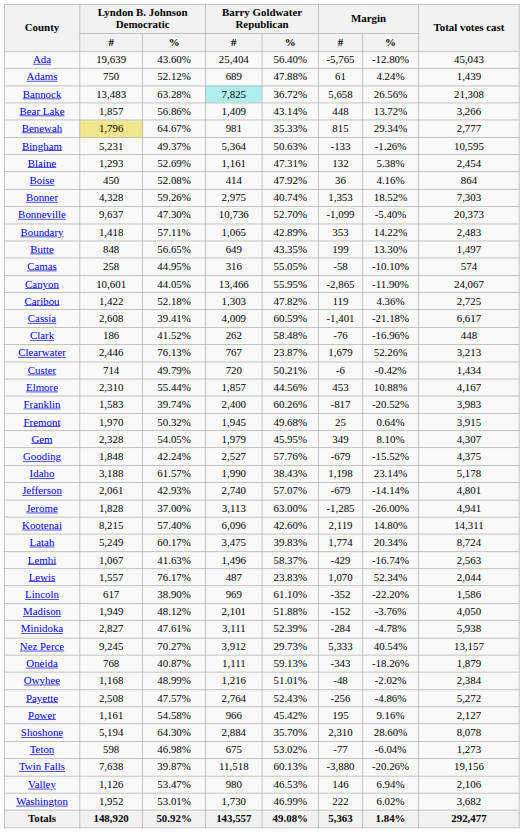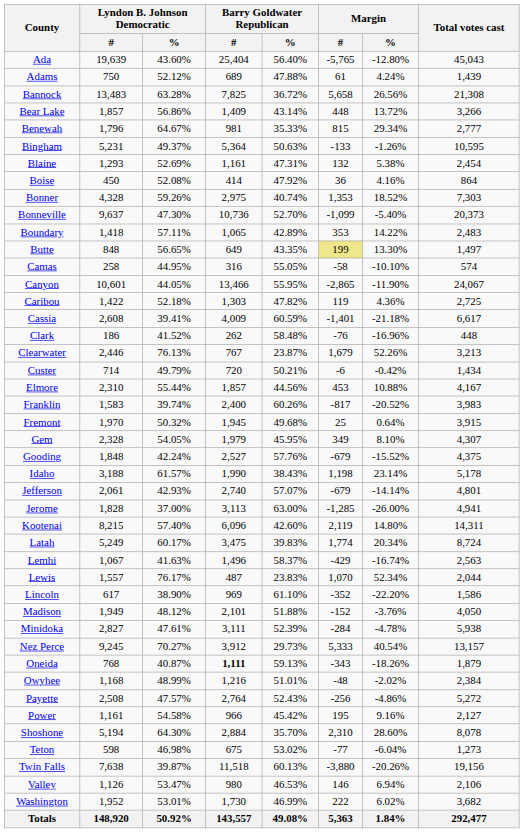 <table width="60%"  class="wikitable sortable" style="text-align:center">
 <tr>
 <th style="text-align:center;" rowspan="2">County</th>
 <th style="text-align:center;" colspan="2">Lyndon B. Johnson<br>Democratic</th>
 <th style="text-align:center;" colspan="2">Barry Goldwater<br>Republican</th>
 <th style="text-align:center;" colspan="2">Margin</th>
 <th style="text-align:center;" rowspan="2">Total votes cast</th>
 </tr>
 <tr>
 <th style="text-align:center;" data-sort-type="number">#</th>
 <th style="text-align:center;" data-sort-type="number">%</th>
 <th style="text-align:center;" data-sort-type="number">#</th>
 <th style="text-align:center;" data-sort-type="number">%</th>
 <th style="text-align:center;" data-sort-type="number">#</th>
 <th style="text-align:center;" data-sort-type="number">%</th>
 </tr>
 <tr style="text-align:center;">
 <td><a href='#'>Ada</a></td>
 <td>19,639</td>
 <td>43.60%</td>
 <td>25,404</td>
 <td>56.40%</td>
 <td>-5,765</td>
 <td>-12.80%</td>
 <td>45,043</td>
 </tr>
 <tr style="text-align:center;">
 <td><a href='#'>Adams</a></td>
 <td>750</td>
 <td>52.12%</td>
 <td>689</td>
 <td>47.88%</td>
 <td>61</td>
 <td>4.24%</td>
 <td>1,439</td>
 </tr>
 <tr style="text-align:center;">
 <td><a href='#'>Bannock</a></td>
 <td>13,483</td>
 <td>63.28%</td>
-<td style="background: paleturquoise;">7,825</td>
+<td>7,825</td>
 <td>36.72%</td>
 <td>5,658</td>
 <td>26.56%</td>
 <td>21,308</td>
 </tr>
 <tr style="text-align:center;">
 <td><a href='#'>Bear Lake</a></td>
 <td>1,857</td>
 <td>56.86%</td>
 <td>1,409</td>
 <td>43.14%</td>
 <td>448</td>
 <td>13.72%</td>
 <td>3,266</td>
 </tr>
 <tr style="text-align:center;">
 <td><a href='#'>Benewah</a></td>
-<td style="background: khaki;">1,796</td>
+<td>1,796</td>
 <td>64.67%</td>
 <td>981</td>
 <td>35.33%</td>
 <td>815</td>
 <td>29.34%</td>
 <td>2,777</td>
 </tr>
 <tr style="text-align:center;">
 <td><a href='#'>Bingham</a></td>
 <td>5,231</td>
 <td>49.37%</td>
 <td>5,364</td>
 <td>50.63%</td>
 <td>-133</td>
 <td>-1.26%</td>
 <td>10,595</td>
 </tr>
 <tr style="text-align:center;">
 <td><a href='#'>Blaine</a></td>
 <td>1,293</td>
 <td>52.69%</td>
 <td>1,161</td>
 <td>47.31%</td>
 <td>132</td>
 <td>5.38%</td>
 <td>2,454</td>
 </tr>
 <tr style="text-align:center;">
 <td><a href='#'>Boise</a></td>
 <td>450</td>
 <td>52.08%</td>
 <td>414</td>
 <td>47.92%</td>
 <td>36</td>
 <td>4.16%</td>
 <td>864</td>
 </tr>
 <tr style="text-align:center;">
 <td><a href='#'>Bonner</a></td>
 <td>4,328</td>
 <td>59.26%</td>
 <td>2,975</td>
 <td>40.74%</td>
 <td>1,353</td>
 <td>18.52%</td>
 <td>7,303</td>
 </tr>
 <tr style="text-align:center;">
 <td><a href='#'>Bonneville</a></td>
 <td>9,637</td>
 <td>47.30%</td>
 <td>10,736</td>
 <td>52.70%</td>
 <td>-1,099</td>
 <td>-5.40%</td>
 <td>20,373</td>
 </tr>
 <tr style="text-align:center;">
 <td><a href='#'>Boundary</a></td>
 <td>1,418</td>
 <td>57.11%</td>
 <td>1,065</td>
 <td>42.89%</td>
 <td>353</td>
 <td>14.22%</td>
 <td>2,483</td>
 </tr>
 <tr style="text-align:center;">
 <td><a href='#'>Butte</a></td>
 <td>848</td>
 <td>56.65%</td>
 <td>649</td>
 <td>43.35%</td>
-<td>199</td>
+<td style="background: khaki;">199</td>
 <td>13.30%</td>
 <td>1,497</td>
 </tr>
 <tr style="text-align:center;">
 <td><a href='#'>Camas</a></td>
 <td>258</td>
 <td>44.95%</td>
 <td>316</td>
 <td>55.05%</td>
 <td>-58</td>
 <td>-10.10%</td>
 <td>574</td>
 </tr>
 <tr style="text-align:center;">
 <td><a href='#'>Canyon</a></td>
 <td>10,601</td>
 <td>44.05%</td>
 <td>13,466</td>
 <td>55.95%</td>
 <td>-2,865</td>
 <td>-11.90%</td>
 <td>24,067</td>
 </tr>
 <tr style="text-align:center;">
 <td><a href='#'>Caribou</a></td>
 <td>1,422</td>
 <td>52.18%</td>
 <td>1,303</td>
 <td>47.82%</td>
 <td>119</td>
 <td>4.36%</td>
 <td>2,725</td>
 </tr>
 <tr style="text-align:center;">
 <td><a href='#'>Cassia</a></td>
 <td>2,608</td>
 <td>39.41%</td>
 <td>4,009</td>
 <td>60.59%</td>
 <td>-1,401</td>
 <td>-21.18%</td>
 <td>6,617</td>
 </tr>
 <tr style="text-align:center;">
 <td><a href='#'>Clark</a></td>
 <td>186</td>
 <td>41.52%</td>
 <td>262</td>
 <td>58.48%</td>
 <td>-76</td>
 <td>-16.96%</td>
 <td>448</td>
 </tr>
 <tr style="text-align:center;">
 <td><a href='#'>Clearwater</a></td>
 <td>2,446</td>
 <td>76.13%</td>
 <td>767</td>
 <td>23.87%</td>
 <td>1,679</td>
 <td>52.26%</td>
 <td>3,213</td>
 </tr>
 <tr style="text-align:center;">
 <td><a href='#'>Custer</a></td>
 <td>714</td>
 <td>49.79%</td>
 <td>720</td>
 <td>50.21%</td>
 <td>-6</td>
 <td>-0.42%</td>
 <td>1,434</td>
 </tr>
 <tr style="text-align:center;">
 <td><a href='#'>Elmore</a></td>
 <td>2,310</td>
 <td>55.44%</td>
 <td>1,857</td>
 <td>44.56%</td>
 <td>453</td>
 <td>10.88%</td>
 <td>4,167</td>
 </tr>
 <tr style="text-align:center;">
 <td><a href='#'>Franklin</a></td>
 <td>1,583</td>
 <td>39.74%</td>
 <td>2,400</td>
 <td>60.26%</td>
 <td>-817</td>
 <td>-20.52%</td>
 <td>3,983</td>
 </tr>
 <tr style="text-align:center;">
 <td><a href='#'>Fremont</a></td>
 <td>1,970</td>
 <td>50.32%</td>
 <td>1,945</td>
 <td>49.68%</td>
 <td>25</td>
 <td>0.64%</td>
 <td>3,915</td>
 </tr>
 <tr style="text-align:center;">
 <td><a href='#'>Gem</a></td>
 <td>2,328</td>
 <td>54.05%</td>
 <td>1,979</td>
 <td>45.95%</td>
 <td>349</td>
 <td>8.10%</td>
 <td>4,307</td>
 </tr>
 <tr style="text-align:center;">
 <td><a href='#'>Gooding</a></td>
 <td>1,848</td>
 <td>42.24%</td>
 <td>2,527</td>
 <td>57.76%</td>
 <td>-679</td>
 <td>-15.52%</td>
 <td>4,375</td>
 </tr>
 <tr style="text-align:center;">
 <td><a href='#'>Idaho</a></td>
 <td>3,188</td>
 <td>61.57%</td>
 <td>1,990</td>
 <td>38.43%</td>
 <td>1,198</td>
 <td>23.14%</td>
 <td>5,178</td>
 </tr>
 <tr style="text-align:center;">
 <td><a href='#'>Jefferson</a></td>
 <td>2,061</td>
 <td>42.93%</td>
 <td>2,740</td>
 <td>57.07%</td>
 <td>-679</td>
 <td>-14.14%</td>
 <td>4,801</td>
 </tr>
 <tr style="text-align:center;">
 <td><a href='#'>Jerome</a></td>
 <td>1,828</td>
 <td>37.00%</td>
 <td>3,113</td>
 <td>63.00%</td>
 <td>-1,285</td>
 <td>-26.00%</td>
 <td>4,941</td>
 </tr>
 <tr style="text-align:center;">
 <td><a href='#'>Kootenai</a></td>
 <td>8,215</td>
 <td>57.40%</td>
 <td>6,096</td>
 <td>42.60%</td>
 <td>2,119</td>
 <td>14.80%</td>
 <td>14,311</td>
 </tr>
 <tr style="text-align:center;">
 <td><a href='#'>Latah</a></td>
 <td>5,249</td>
 <td>60.17%</td>
 <td>3,475</td>
 <td>39.83%</td>
 <td>1,774</td>
 <td>20.34%</td>
 <td>8,724</td>
 </tr>
 <tr style="text-align:center;">
 <td><a href='#'>Lemhi</a></td>
 <td>1,067</td>
 <td>41.63%</td>
 <td>1,496</td>
 <td>58.37%</td>
 <td>-429</td>
 <td>-16.74%</td>
 <td>2,563</td>
 </tr>
 <tr style="text-align:center;">
 <td><a href='#'>Lewis</a></td>
 <td>1,557</td>
 <td>76.17%</td>
 <td>487</td>
 <td>23.83%</td>
 <td>1,070</td>
 <td>52.34%</td>
 <td>2,044</td>
 </tr>
 <tr style="text-align:center;">
 <td><a href='#'>Lincoln</a></td>
 <td>617</td>
 <td>38.90%</td>
 <td>969</td>
 <td>61.10%</td>
 <td>-352</td>
 <td>-22.20%</td>
 <td>1,586</td>
 </tr>
 <tr style="text-align:center;">
 <td><a href='#'>Madison</a></td>
 <td>1,949</td>
 <td>48.12%</td>
 <td>2,101</td>
 <td>51.88%</td>
 <td>-152</td>
 <td>-3.76%</td>
 <td>4,050</td>
 </tr>
 <tr style="text-align:center;">
 <td><a href='#'>Minidoka</a></td>
 <td>2,827</td>
 <td>47.61%</td>
 <td>3,111</td>
 <td>52.39%</td>
 <td>-284</td>
 <td>-4.78%</td>
 <td>5,938</td>
 </tr>
 <tr style="text-align:center;">
 <td><a href='#'>Nez Perce</a></td>
 <td>9,245</td>
 <td>70.27%</td>
 <td>3,912</td>
 <td>29.73%</td>
 <td>5,333</td>
 <td>40.54%</td>
 <td>13,157</td>
 </tr>
 <tr style="text-align:center;">
 <td><a href='#'>Oneida</a></td>
 <td>768</td>
 <td>40.87%</td>
-<td>1,111</td>
+<td><strong>1,111</strong></td>
 <td>59.13%</td>
 <td>-343</td>
 <td>-18.26%</td>
 <td>1,879</td>
 </tr>
 <tr style="text-align:center;">
 <td><a href='#'>Owyhee</a></td>
 <td>1,168</td>
 <td>48.99%</td>
 <td>1,216</td>
 <td>51.01%</td>
 <td>-48</td>
 <td>-2.02%</td>
 <td>2,384</td>
 </tr>
 <tr style="text-align:center;">
 <td><a href='#'>Payette</a></td>
 <td>2,508</td>
 <td>47.57%</td>
 <td>2,764</td>
 <td>52.43%</td>
 <td>-256</td>
 <td>-4.86%</td>
 <td>5,272</td>
 </tr>
 <tr style="text-align:center;">
 <td><a href='#'>Power</a></td>
 <td>1,161</td>
 <td>54.58%</td>
 <td>966</td>
 <td>45.42%</td>
 <td>195</td>
 <td>9.16%</td>
 <td>2,127</td>
 </tr>
 <tr style="text-align:center;">
 <td><a href='#'>Shoshone</a></td>
 <td>5,194</td>
 <td>64.30%</td>
 <td>2,884</td>
 <td>35.70%</td>
 <td>2,310</td>
 <td>28.60%</td>
 <td>8,078</td>
 </tr>
 <tr style="text-align:center;">
 <td><a href='#'>Teton</a></td>
 <td>598</td>
 <td>46.98%</td>
 <td>675</td>
 <td>53.02%</td>
 <td>-77</td>
 <td>-6.04%</td>
 <td>1,273</td>
 </tr>
 <tr style="text-align:center;">
 <td><a href='#'>Twin Falls</a></td>
 <td>7,638</td>
 <td>39.87%</td>
 <td>11,518</td>
 <td>60.13%</td>
 <td>-3,880</td>
 <td>-20.26%</td>
 <td>19,156</td>
 </tr>
 <tr style="text-align:center;">
 <td><a href='#'>Valley</a></td>
 <td>1,126</td>
 <td>53.47%</td>
 <td>980</td>
 <td>46.53%</td>
 <td>146</td>
 <td>6.94%</td>
 <td>2,106</td>
 </tr>
 <tr style="text-align:center;">
 <td><a href='#'>Washington</a></td>
 <td>1,952</td>
 <td>53.01%</td>
 <td>1,730</td>
 <td>46.99%</td>
 <td>222</td>
 <td>6.02%</td>
 <td>3,682</td>
 </tr>
 <tr style="text-align:center;">
 <th>Totals</th>
 <th>148,920</th>
 <th>50.92%</th>
 <th>143,557</th>
 <th>49.08%</th>
 <th>5,363</th>
 <th>1.84%</th>
 <th>292,477</th>
 </tr>
 </table>
